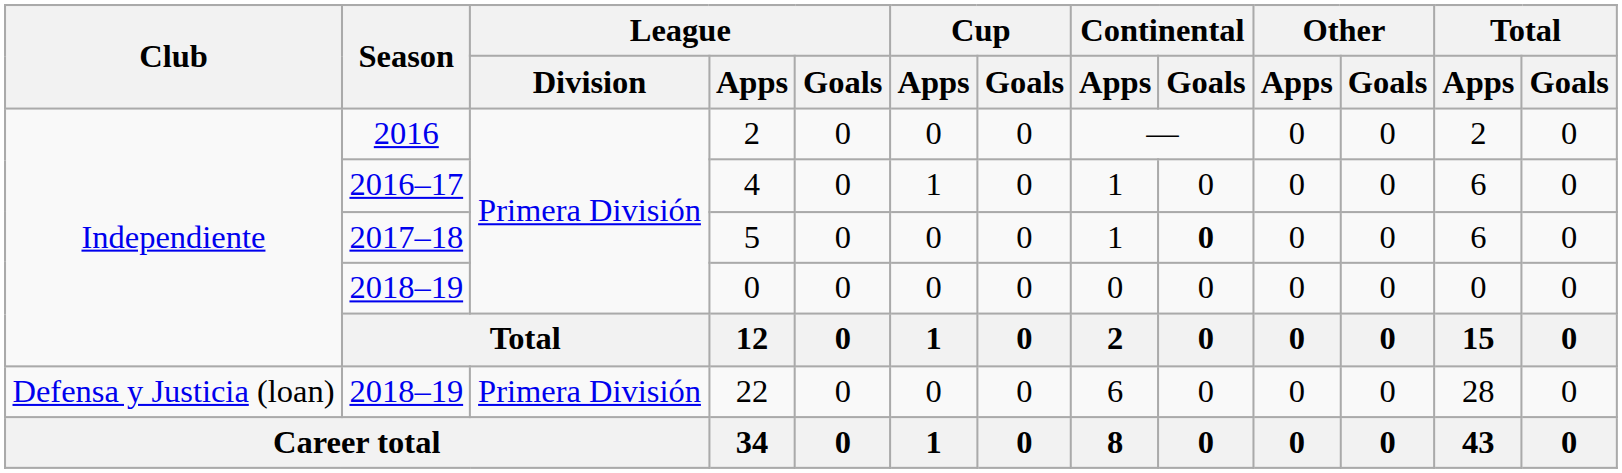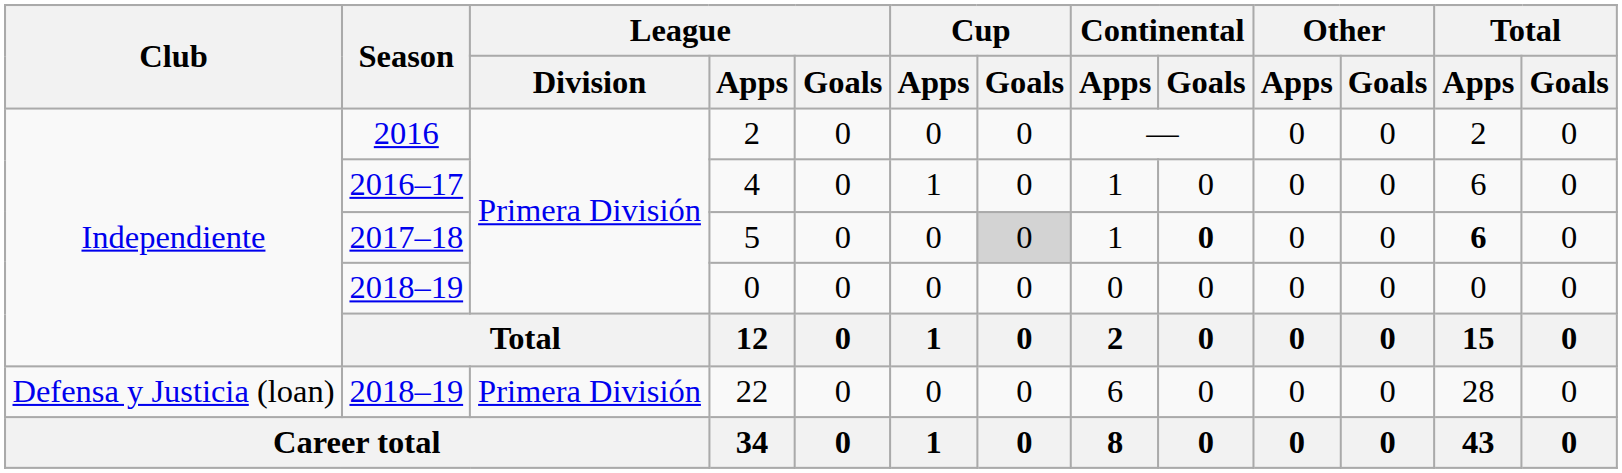 <table class="wikitable" style="text-align:center">
 <tr>
 <th rowspan="2">Club</th>
 <th rowspan="2">Season</th>
 <th colspan="3">League</th>
 <th colspan="2">Cup</th>
 <th colspan="2">Continental</th>
 <th colspan="2">Other</th>
 <th colspan="2">Total</th>
 </tr>
 <tr>
 <th>Division</th>
 <th>Apps</th>
 <th>Goals</th>
 <th>Apps</th>
 <th>Goals</th>
 <th>Apps</th>
 <th>Goals</th>
 <th>Apps</th>
 <th>Goals</th>
 <th>Apps</th>
 <th>Goals</th>
 </tr>
 <tr>
 <td rowspan="5"><a href='#'>Independiente</a></td>
 <td><a href='#'>2016</a></td>
 <td rowspan="4"><a href='#'>Primera División</a></td>
 <td>2</td>
 <td>0</td>
 <td>0</td>
 <td>0</td>
 <td colspan="2">—</td>
 <td>0</td>
 <td>0</td>
 <td>2</td>
 <td>0</td>
 </tr>
 <tr>
 <td><a href='#'>2016–17</a></td>
 <td>4</td>
 <td>0</td>
 <td>1</td>
 <td>0</td>
 <td>1</td>
 <td>0</td>
 <td>0</td>
 <td>0</td>
 <td>6</td>
 <td>0</td>
 </tr>
 <tr>
 <td><a href='#'>2017–18</a></td>
 <td>5</td>
 <td>0</td>
 <td>0</td>
-<td>0</td>
+<td style="background: lightgrey;">0</td>
 <td>1</td>
 <td><strong>0</strong></td>
 <td>0</td>
 <td>0</td>
-<td>6</td>
+<td><strong>6</strong></td>
 <td>0</td>
 </tr>
 <tr>
 <td><a href='#'>2018–19</a></td>
 <td>0</td>
 <td>0</td>
 <td>0</td>
 <td>0</td>
 <td>0</td>
 <td>0</td>
 <td>0</td>
 <td>0</td>
 <td>0</td>
 <td>0</td>
 </tr>
 <tr>
 <th colspan="2">Total</th>
 <th>12</th>
 <th>0</th>
 <th>1</th>
 <th>0</th>
 <th>2</th>
 <th>0</th>
 <th>0</th>
 <th>0</th>
 <th>15</th>
 <th>0</th>
 </tr>
 <tr>
 <td rowspan="1"><a href='#'>Defensa y Justicia</a> (loan)</td>
 <td><a href='#'>2018–19</a></td>
 <td rowspan="1"><a href='#'>Primera División</a></td>
 <td>22</td>
 <td>0</td>
 <td>0</td>
 <td>0</td>
 <td>6</td>
 <td>0</td>
 <td>0</td>
 <td>0</td>
 <td>28</td>
 <td>0</td>
 </tr>
 <tr>
 <th colspan="3">Career total</th>
 <th>34</th>
 <th>0</th>
 <th>1</th>
 <th>0</th>
 <th>8</th>
 <th>0</th>
 <th>0</th>
 <th>0</th>
 <th>43</th>
 <th>0</th>
 </tr>
 </table>
